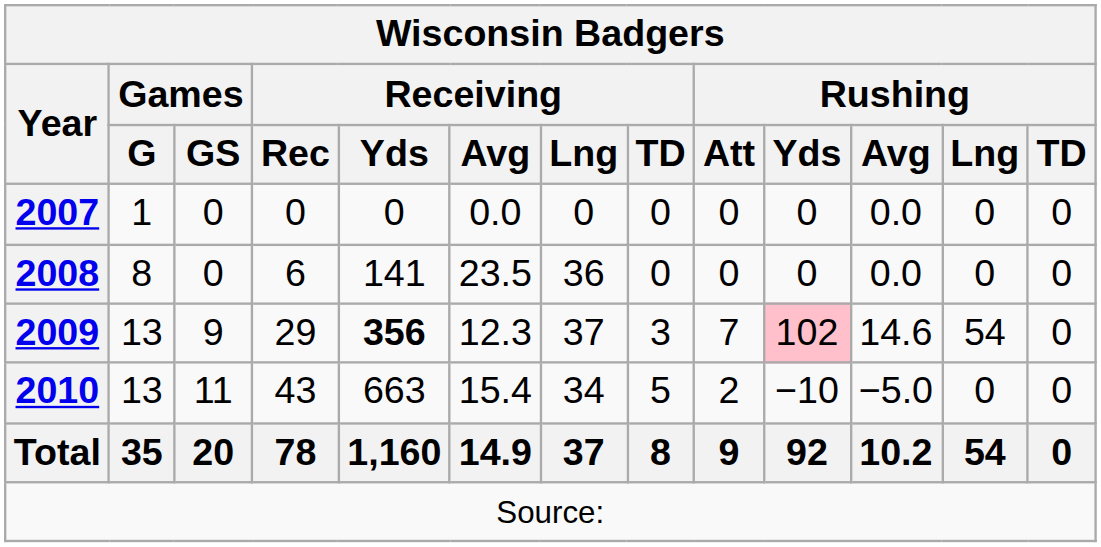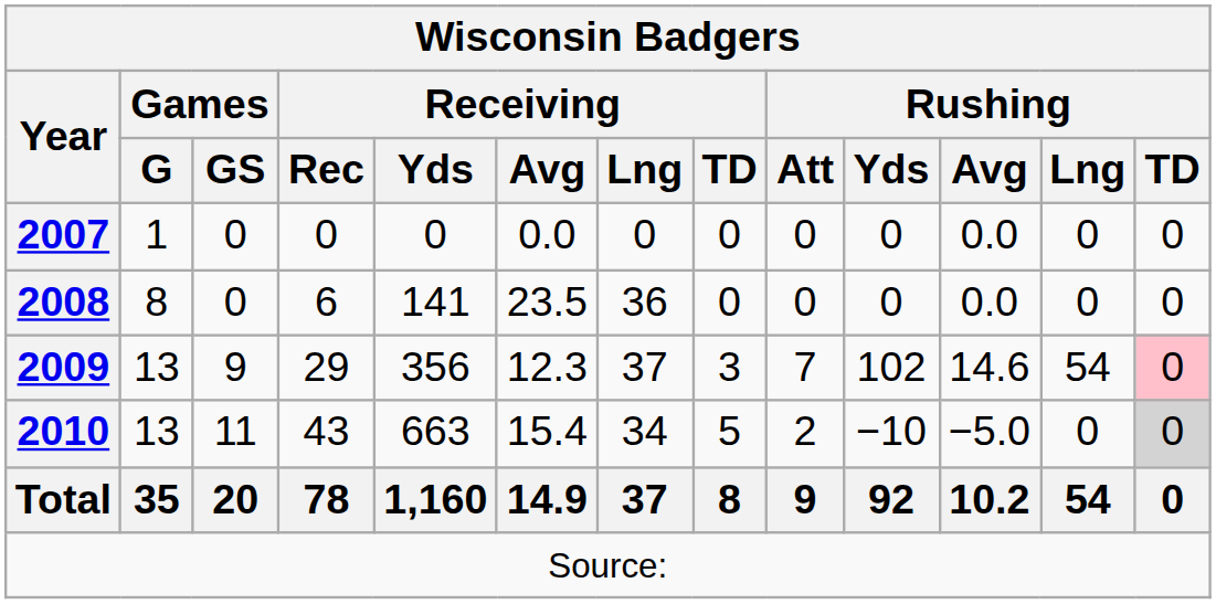 <table class="wikitable" style="text-align: center;">
 <tr>
 <th colspan="14"><strong>Wisconsin Badgers</strong></th>
 </tr>
 <tr>
 <th rowspan="2">Year</th>
 <th colspan="2">Games</th>
 <th colspan="5">Receiving</th>
 <th colspan="5">Rushing</th>
 </tr>
 <tr>
 <th>G</th>
 <th>GS</th>
 <th>Rec</th>
 <th>Yds</th>
 <th>Avg</th>
 <th>Lng</th>
 <th>TD</th>
 <th>Att</th>
 <th>Yds</th>
 <th>Avg</th>
 <th>Lng</th>
 <th>TD</th>
 </tr>
 <tr>
 <th><a href='#'>2007</a></th>
 <td>1</td>
 <td>0</td>
 <td>0</td>
 <td>0</td>
 <td>0.0</td>
 <td>0</td>
 <td>0</td>
 <td>0</td>
 <td>0</td>
 <td>0.0</td>
 <td>0</td>
 <td>0</td>
 </tr>
 <tr>
 <th><a href='#'>2008</a></th>
 <td>8</td>
 <td>0</td>
 <td>6</td>
 <td>141</td>
 <td>23.5</td>
 <td>36</td>
 <td>0</td>
 <td>0</td>
 <td>0</td>
 <td>0.0</td>
 <td>0</td>
 <td>0</td>
 </tr>
 <tr>
 <th><a href='#'>2009</a></th>
 <td>13</td>
 <td>9</td>
 <td>29</td>
-<td><strong>356</strong></td>
+<td>356</td>
 <td>12.3</td>
 <td>37</td>
 <td>3</td>
 <td>7</td>
-<td style="background: pink;">102</td>
+<td>102</td>
 <td>14.6</td>
 <td>54</td>
-<td>0</td>
+<td style="background: pink;">0</td>
 </tr>
 <tr>
 <th><a href='#'>2010</a></th>
 <td>13</td>
 <td>11</td>
 <td>43</td>
 <td>663</td>
 <td>15.4</td>
 <td>34</td>
 <td>5</td>
 <td>2</td>
 <td>−10</td>
 <td>−5.0</td>
 <td>0</td>
-<td>0</td>
+<td style="background: lightgrey;">0</td>
 </tr>
 <tr>
 <th>Total</th>
 <th>35</th>
 <th>20</th>
 <th>78</th>
 <th>1,160</th>
 <th>14.9</th>
 <th>37</th>
 <th>8</th>
 <th>9</th>
 <th>92</th>
 <th>10.2</th>
 <th>54</th>
 <th>0</th>
 </tr>
 <tr>
 <td colspan="14"><small>Source: </small></td>
 </tr>
 </table>
